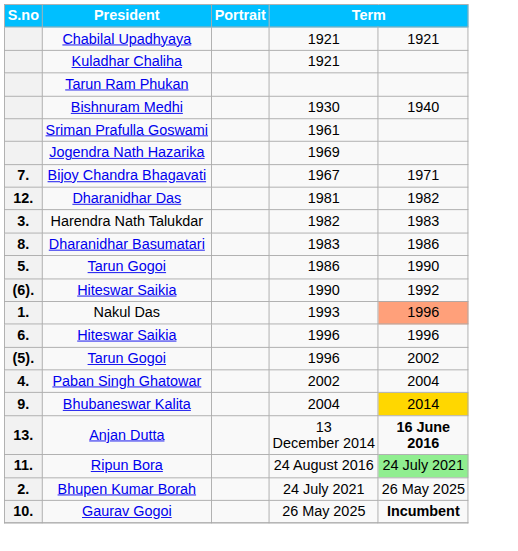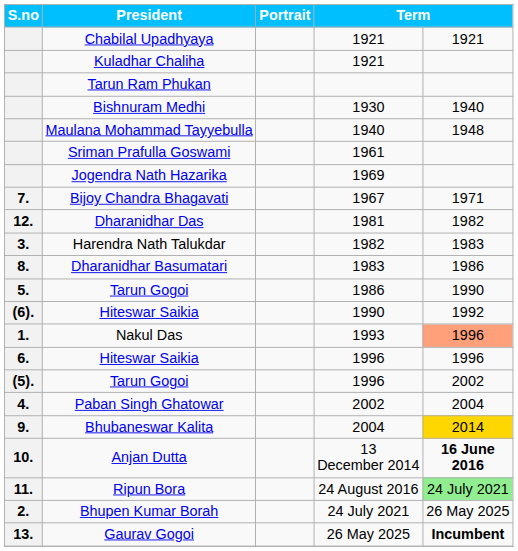 <table class="wikitable sortable" style="text-align:center;">
 <tr>
 <th Style="background-color:#00BFFF; color:white">S.no</th>
 <th Style="background-color:#00BFFF; color:white">President</th>
 <th Style="background-color:#00BFFF; color:white">Portrait</th>
 <th Style="background-color:#00BFFF; color:white" colspan=2>Term</th>
 </tr>
 <tr>
 <th></th>
 <td><a href='#'>Chabilal Upadhyaya</a></td>
 <td></td>
 <td>1921</td>
 <td>1921</td>
 </tr>
 <tr>
 <th></th>
 <td><a href='#'>Kuladhar Chaliha</a></td>
 <td></td>
 <td>1921</td>
 <td></td>
 </tr>
 <tr>
 <th></th>
 <td><a href='#'>Tarun Ram Phukan</a></td>
 <td></td>
 <td></td>
 <td></td>
 </tr>
 <tr>
 <th></th>
 <td><a href='#'>Bishnuram Medhi</a></td>
 <td></td>
 <td>1930</td>
 <td>1940</td>
+</tr>
+<tr>
+<th></th>
+<td><a href='#'>Maulana Mohammad Tayyebulla</a></td>
+<td></td>
+<td>1940</td>
+<td>1948</td>
 </tr>
 <tr>
 <th></th>
 <td><a href='#'>Sriman Prafulla Goswami</a></td>
 <td></td>
 <td>1961</td>
 <td></td>
 </tr>
 <tr>
 <th></th>
 <td><a href='#'>Jogendra Nath Hazarika</a></td>
 <td></td>
 <td>1969</td>
 <td></td>
 </tr>
 <tr>
 <th>7.</th>
 <td><a href='#'>Bijoy Chandra Bhagavati</a></td>
 <td></td>
 <td>1967</td>
 <td>1971</td>
 </tr>
 <tr>
 <th>12.</th>
 <td><a href='#'>Dharanidhar Das</a></td>
 <td></td>
 <td>1981</td>
 <td>1982</td>
 </tr>
 <tr>
 <th>3.</th>
 <td>Harendra Nath Talukdar</td>
 <td></td>
 <td>1982</td>
 <td>1983</td>
 </tr>
 <tr>
 <th>8.</th>
 <td><a href='#'>Dharanidhar Basumatari</a></td>
 <td></td>
 <td>1983</td>
 <td>1986</td>
 </tr>
 <tr>
 <th>5.</th>
 <td><a href='#'>Tarun Gogoi</a></td>
 <td></td>
 <td>1986</td>
 <td>1990</td>
 </tr>
 <tr>
 <th>(6).</th>
 <td><a href='#'>Hiteswar Saikia</a></td>
 <td></td>
 <td>1990</td>
 <td>1992</td>
 </tr>
 <tr>
 <th>1.</th>
 <td>Nakul Das</td>
 <td></td>
 <td>1993</td>
 <td style="background: lightsalmon;">1996</td>
 </tr>
 <tr>
 <th>6.</th>
 <td><a href='#'>Hiteswar Saikia</a></td>
 <td></td>
 <td>1996</td>
 <td>1996</td>
 </tr>
 <tr>
 <th>(5).</th>
 <td><a href='#'>Tarun Gogoi</a></td>
 <td></td>
 <td>1996</td>
 <td>2002</td>
 </tr>
 <tr>
 <th>4.</th>
 <td><a href='#'>Paban Singh Ghatowar</a></td>
 <td></td>
 <td>2002</td>
 <td>2004</td>
 </tr>
 <tr>
 <th>9.</th>
 <td><a href='#'>Bhubaneswar Kalita</a></td>
 <td></td>
 <td>2004</td>
 <td style="background: gold;">2014</td>
 </tr>
 <tr>
-<th>13.</th>
+<th>10.</th>
 <td><a href='#'>Anjan Dutta</a></td>
 <td></td>
 <td>13<br>December 2014</td>
 <td><strong>16 June<br>2016</strong></td>
 </tr>
 <tr>
 <th>11.</th>
 <td><a href='#'>Ripun Bora</a></td>
 <td></td>
 <td>24 August 2016</td>
 <td style="background: lightgreen;">24 July 2021</td>
 </tr>
 <tr>
 <th>2.</th>
 <td><a href='#'>Bhupen Kumar Borah</a></td>
 <td></td>
 <td>24 July 2021</td>
 <td>26 May 2025</td>
 </tr>
 <tr>
-<th>10.</th>
+<th>13.</th>
 <td><a href='#'>Gaurav Gogoi</a></td>
 <td></td>
 <td>26 May 2025</td>
 <td><strong>Incumbent</strong></td>
 </tr>
 <tr>
 </tr>
 </table>
